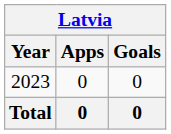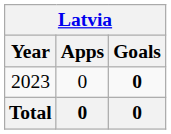 <table class="wikitable" style="text-align:center">
 <tr>
 <th colspan=3><a href='#'>Latvia</a></th>
 </tr>
 <tr>
 <th>Year</th>
 <th>Apps</th>
 <th>Goals</th>
 </tr>
 <tr>
 <td>2023</td>
 <td>0</td>
-<td>0</td>
+<td><strong>0</strong></td>
 </tr>
 <tr>
 <th>Total</th>
 <th>0</th>
 <th>0</th>
 </tr>
 </table>
